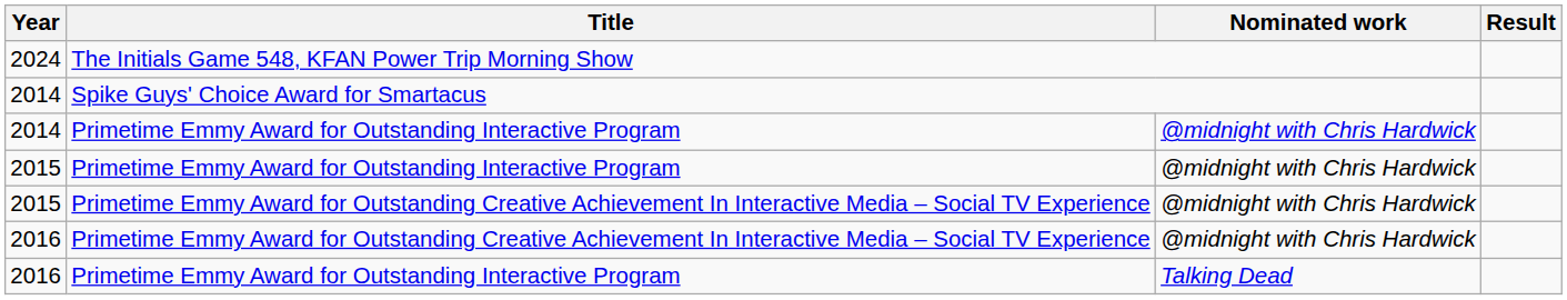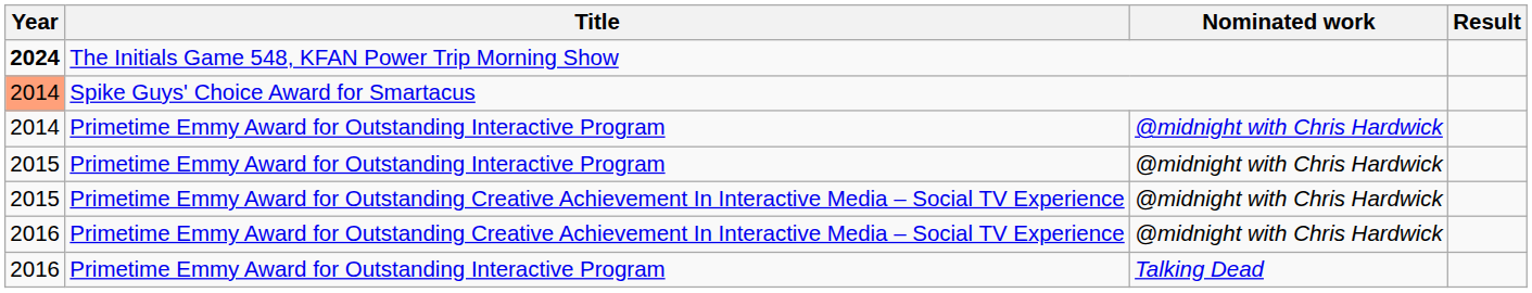 <table class= "wikitable sortable">
 <tr>
 <th>Year</th>
 <th>Title</th>
 <th>Nominated work</th>
 <th>Result</th>
 </tr>
 <tr>
-<td>2024</td>
+<td><strong>2024</strong></td>
 <td colspan=2><a href='#'>The Initials Game 548, KFAN Power Trip Morning Show</a></td>
 <td></td>
 </tr>
 <tr>
-<td>2014</td>
+<td style="background: lightsalmon;">2014</td>
 <td colspan=2><a href='#'>Spike Guys' Choice Award for Smartacus</a></td>
 <td></td>
 </tr>
 <tr>
 <td>2014</td>
 <td><a href='#'>Primetime Emmy Award for Outstanding Interactive Program</a></td>
 <td><em><a href='#'>@midnight with Chris Hardwick</a></em></td>
 <td></td>
 </tr>
 <tr>
 <td>2015</td>
 <td><a href='#'>Primetime Emmy Award for Outstanding Interactive Program</a></td>
 <td><em>@midnight with Chris Hardwick</em></td>
 <td></td>
 </tr>
 <tr>
 <td>2015</td>
 <td><a href='#'>Primetime Emmy Award for Outstanding Creative Achievement In Interactive Media – Social TV Experience</a></td>
 <td><em>@midnight with Chris Hardwick</em></td>
 <td></td>
 </tr>
 <tr>
 <td>2016</td>
 <td><a href='#'>Primetime Emmy Award for Outstanding Creative Achievement In Interactive Media – Social TV Experience</a></td>
 <td><em>@midnight with Chris Hardwick</em></td>
 <td></td>
 </tr>
 <tr>
 <td>2016</td>
 <td><a href='#'>Primetime Emmy Award for Outstanding Interactive Program</a></td>
 <td><em><a href='#'>Talking Dead</a></em></td>
 <td></td>
 </tr>
 </table>
